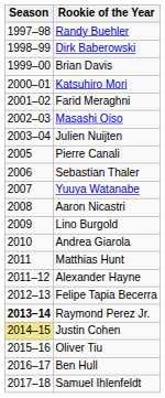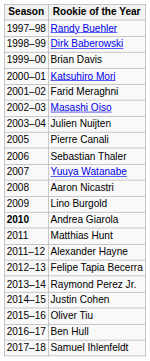 <table class="wikitable">
 <tr>
 <th>Season</th>
 <th>Rookie of the Year</th>
 </tr>
 <tr>
 <td>1997–98</td>
 <td> <a href='#'>Randy Buehler</a></td>
 </tr>
 <tr Rookie of the Year>
 <td>1998–99</td>
 <td> <a href='#'>Dirk Baberowski</a></td>
 </tr>
 <tr>
 <td>1999–00</td>
 <td> Brian Davis</td>
 </tr>
 <tr>
 <td>2000–01</td>
 <td> <a href='#'>Katsuhiro Mori</a></td>
 </tr>
 <tr>
 <td>2001–02</td>
 <td> Farid Meraghni</td>
 </tr>
 <tr>
 <td>2002–03</td>
 <td> <a href='#'>Masashi Oiso</a></td>
 </tr>
 <tr>
 <td>2003–04</td>
 <td> Julien Nuijten</td>
 </tr>
 <tr>
 <td>2005</td>
 <td> Pierre Canali</td>
 </tr>
 <tr>
 <td>2006</td>
 <td> Sebastian Thaler</td>
 </tr>
 <tr>
 <td>2007</td>
 <td> <a href='#'>Yuuya Watanabe</a></td>
 </tr>
 <tr>
 <td>2008</td>
 <td> Aaron Nicastri</td>
 </tr>
 <tr>
 <td>2009</td>
 <td> Lino Burgold</td>
 </tr>
 <tr>
-<td>2010</td>
+<td><strong>2010</strong></td>
 <td> Andrea Giarola</td>
 </tr>
 <tr>
 <td>2011</td>
 <td> Matthias Hunt</td>
 </tr>
 <tr>
 <td>2011–12</td>
 <td> Alexander Hayne</td>
 </tr>
 <tr>
 <td>2012–13</td>
 <td> Felipe Tapia Becerra</td>
 </tr>
 <tr>
-<td><strong>2013–14</strong></td>
+<td>2013–14</td>
 <td> Raymond Perez Jr.</td>
 </tr>
 <tr>
-<td style="background: khaki;">2014–15</td>
+<td>2014–15</td>
 <td> Justin Cohen</td>
 </tr>
 <tr>
 <td>2015–16</td>
 <td> Oliver Tiu</td>
 </tr>
 <tr>
 <td>2016–17</td>
 <td> Ben Hull</td>
 </tr>
 <tr>
 <td>2017–18</td>
 <td> Samuel Ihlenfeldt</td>
 </tr>
 </table>
